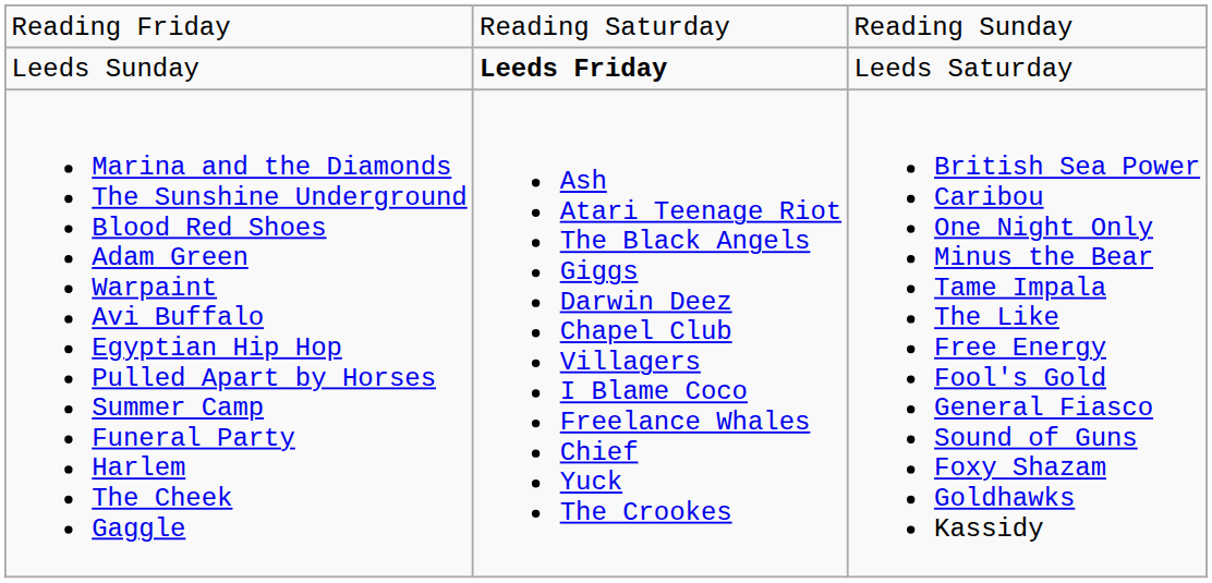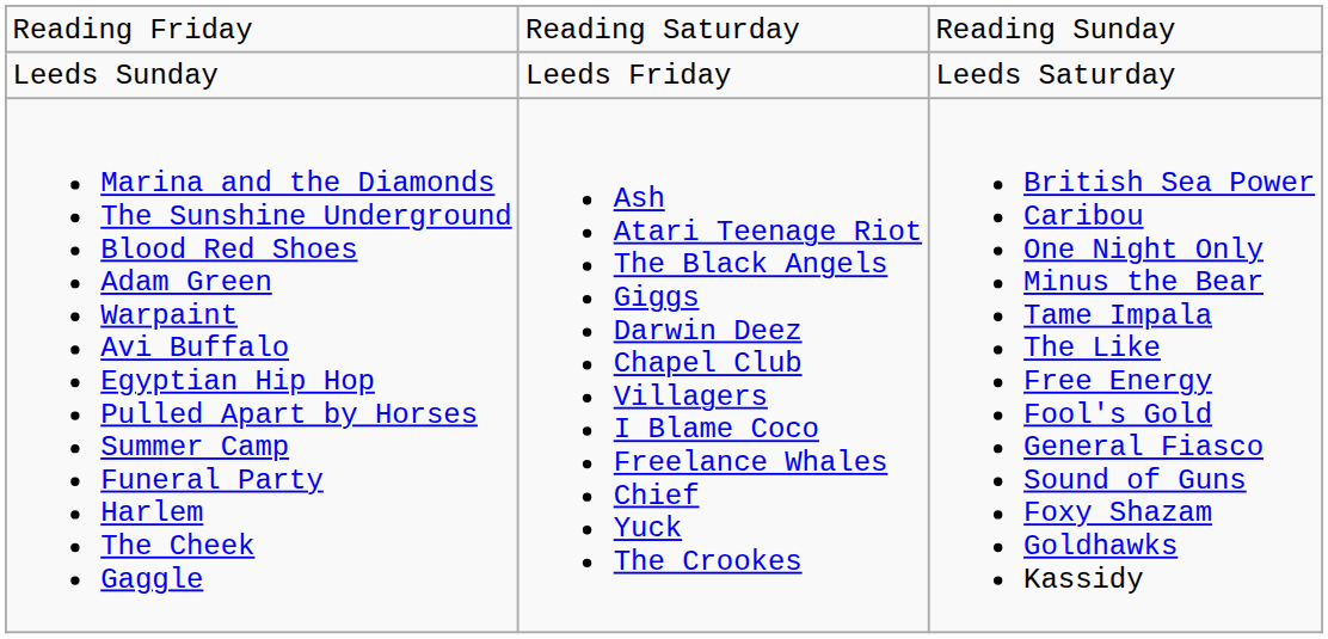 <table class="wikitable">
 <tr>
 <td>Reading Friday</td>
 <td>Reading Saturday</td>
 <td>Reading Sunday</td>
 </tr>
 <tr>
 <td>Leeds Sunday</td>
-<td><strong>Leeds Friday</strong></td>
+<td>Leeds Friday</td>
 <td>Leeds Saturday</td>
 </tr>
 <tr>
 <td><br><ul><li><a href='#'>Marina and the Diamonds</a></li><li><a href='#'>The Sunshine Underground</a></li><li><a href='#'>Blood Red Shoes</a></li><li><a href='#'>Adam Green</a></li><li><a href='#'>Warpaint</a></li><li><a href='#'>Avi Buffalo</a></li><li><a href='#'>Egyptian Hip Hop</a></li><li><a href='#'>Pulled Apart by Horses</a></li><li><a href='#'>Summer Camp</a></li><li><a href='#'>Funeral Party</a></li><li><a href='#'>Harlem</a></li><li><a href='#'>The Cheek</a></li><li><a href='#'>Gaggle</a></li></ul></td>
 <td><br><ul><li><a href='#'>Ash</a></li><li><a href='#'>Atari Teenage Riot</a></li><li><a href='#'>The Black Angels</a></li><li><a href='#'>Giggs</a></li><li><a href='#'>Darwin Deez</a></li><li><a href='#'>Chapel Club</a></li><li><a href='#'>Villagers</a></li><li><a href='#'>I Blame Coco</a></li><li><a href='#'>Freelance Whales</a></li><li><a href='#'>Chief</a></li><li><a href='#'>Yuck</a></li><li><a href='#'>The Crookes</a></li></ul></td>
 <td><br><ul><li><a href='#'>British Sea Power</a></li><li><a href='#'>Caribou</a></li><li><a href='#'>One Night Only</a></li><li><a href='#'>Minus the Bear</a></li><li><a href='#'>Tame Impala</a></li><li><a href='#'>The Like</a></li><li><a href='#'>Free Energy</a></li><li><a href='#'>Fool's Gold</a></li><li><a href='#'>General Fiasco</a></li><li><a href='#'>Sound of Guns</a></li><li><a href='#'>Foxy Shazam</a></li><li><a href='#'>Goldhawks</a></li><li>Kassidy</li></ul></td>
 </tr>
 </table>
